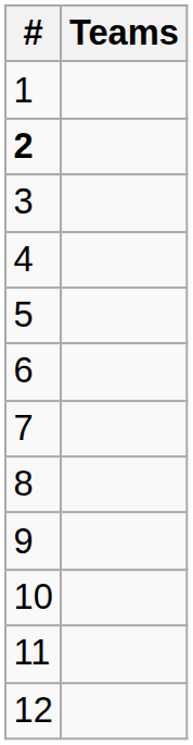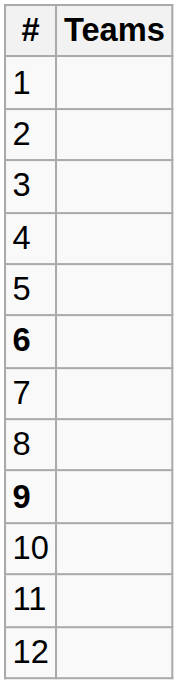 <table class="wikitable">
 <tr>
 <th>#</th>
 <th>Teams</th>
 </tr>
 <tr>
 <td>1</td>
 <td></td>
 </tr>
 <tr>
-<td><strong>2</strong></td>
+<td>2</td>
 <td></td>
 </tr>
 <tr>
 <td>3</td>
 <td></td>
 </tr>
 <tr>
 <td>4</td>
 <td></td>
 </tr>
 <tr>
 <td>5</td>
 <td></td>
 </tr>
 <tr>
-<td>6</td>
+<td><strong>6</strong></td>
 <td></td>
 </tr>
 <tr>
 <td>7</td>
 <td></td>
 </tr>
 <tr>
 <td>8</td>
 <td></td>
 </tr>
 <tr>
-<td>9</td>
+<td><strong>9</strong></td>
 <td></td>
 </tr>
 <tr>
 <td>10</td>
 <td></td>
 </tr>
 <tr>
 <td>11</td>
 <td></td>
 </tr>
 <tr>
 <td>12</td>
 <td></td>
 </tr>
 </table>
